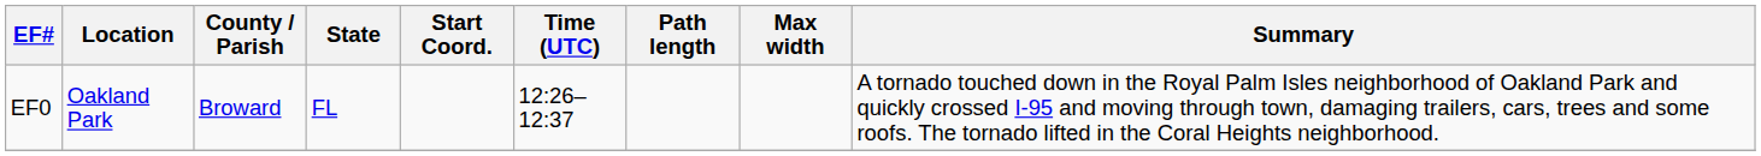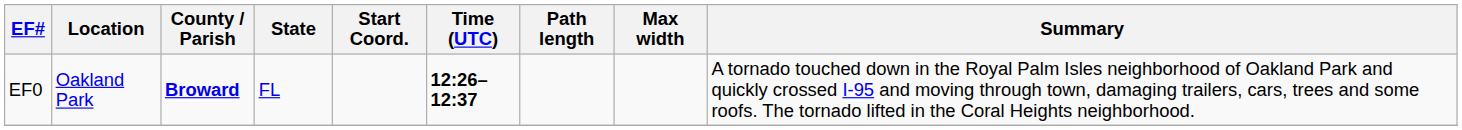 <table class="wikitable sortable" style="width:100%;">
 <tr>
 <th scope="col"  style="width:3%; text-align:center;"><a href='#'>EF#</a></th>
 <th scope="col"  style="width:7%; text-align:center;" class="unsortable">Location</th>
 <th scope="col"  style="width:6%; text-align:center;" class="unsortable">County / Parish</th>
 <th scope="col"  style="width:5%; text-align:center;">State</th>
 <th scope="col"  style="width:6%; text-align:center;">Start Coord.</th>
 <th scope="col"  style="width:6%; text-align:center;">Time (<a href='#'>UTC</a>)</th>
 <th scope="col"  style="width:6%; text-align:center;">Path length</th>
 <th scope="col"  style="width:6%; text-align:center;">Max width</th>
 <th scope="col" class="unsortable" style="width:48%; text-align:center;">Summary</th>
 </tr>
 <tr>
 <td>EF0</td>
 <td><a href='#'>Oakland Park</a></td>
-<td><a href='#'>Broward</a></td>
+<td><strong><a href='#'>Broward</a></strong></td>
 <td><a href='#'>FL</a></td>
 <td></td>
-<td>12:26–12:37</td>
+<td><strong>12:26–12:37</strong></td>
 <td></td>
 <td></td>
 <td>A tornado touched down in the Royal Palm Isles neighborhood of Oakland Park and quickly crossed <a href='#'>I-95</a> and moving through town, damaging trailers, cars, trees and some roofs. The tornado lifted in the Coral Heights neighborhood.</td>
 </tr>
 <tr>
 </tr>
 </table>
